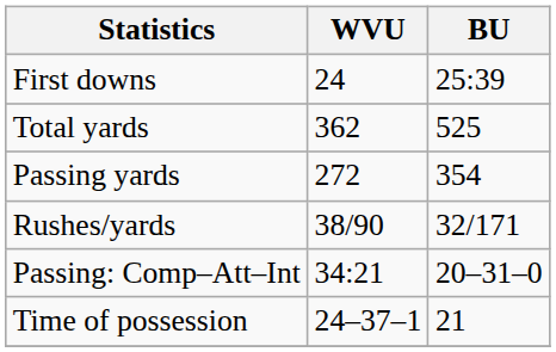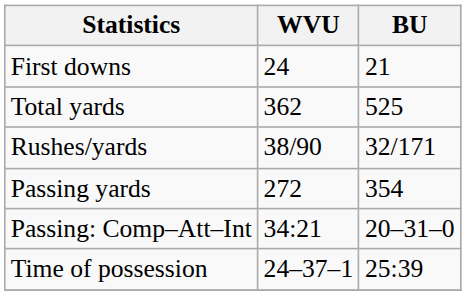 <table class="wikitable" style="float: left;">
 <tr>
 <th>Statistics</th>
 <th>WVU</th>
 <th>BU</th>
 </tr>
 <tr>
 <td>First downs</td>
 <td>24</td>
-<td>25:39</td>
+<td>21</td>
 </tr>
 <tr>
 <td>Total yards</td>
 <td>362</td>
 <td>525</td>
 </tr>
 <tr>
+<td>Rushes/yards</td>
+<td>38/90</td>
+<td>32/171</td>
+</tr>
+<tr>
 <td>Passing yards</td>
 <td>272</td>
 <td>354</td>
-</tr>
-<tr>
-<td>Rushes/yards</td>
-<td>38/90</td>
-<td>32/171</td>
 </tr>
 <tr>
 <td>Passing: Comp–Att–Int</td>
 <td>34:21</td>
 <td>20–31–0</td>
 </tr>
 <tr>
 <td>Time of possession</td>
 <td>24–37–1</td>
-<td>21</td>
+<td>25:39</td>
 </tr>
 <tr>
 </tr>
 </table>
